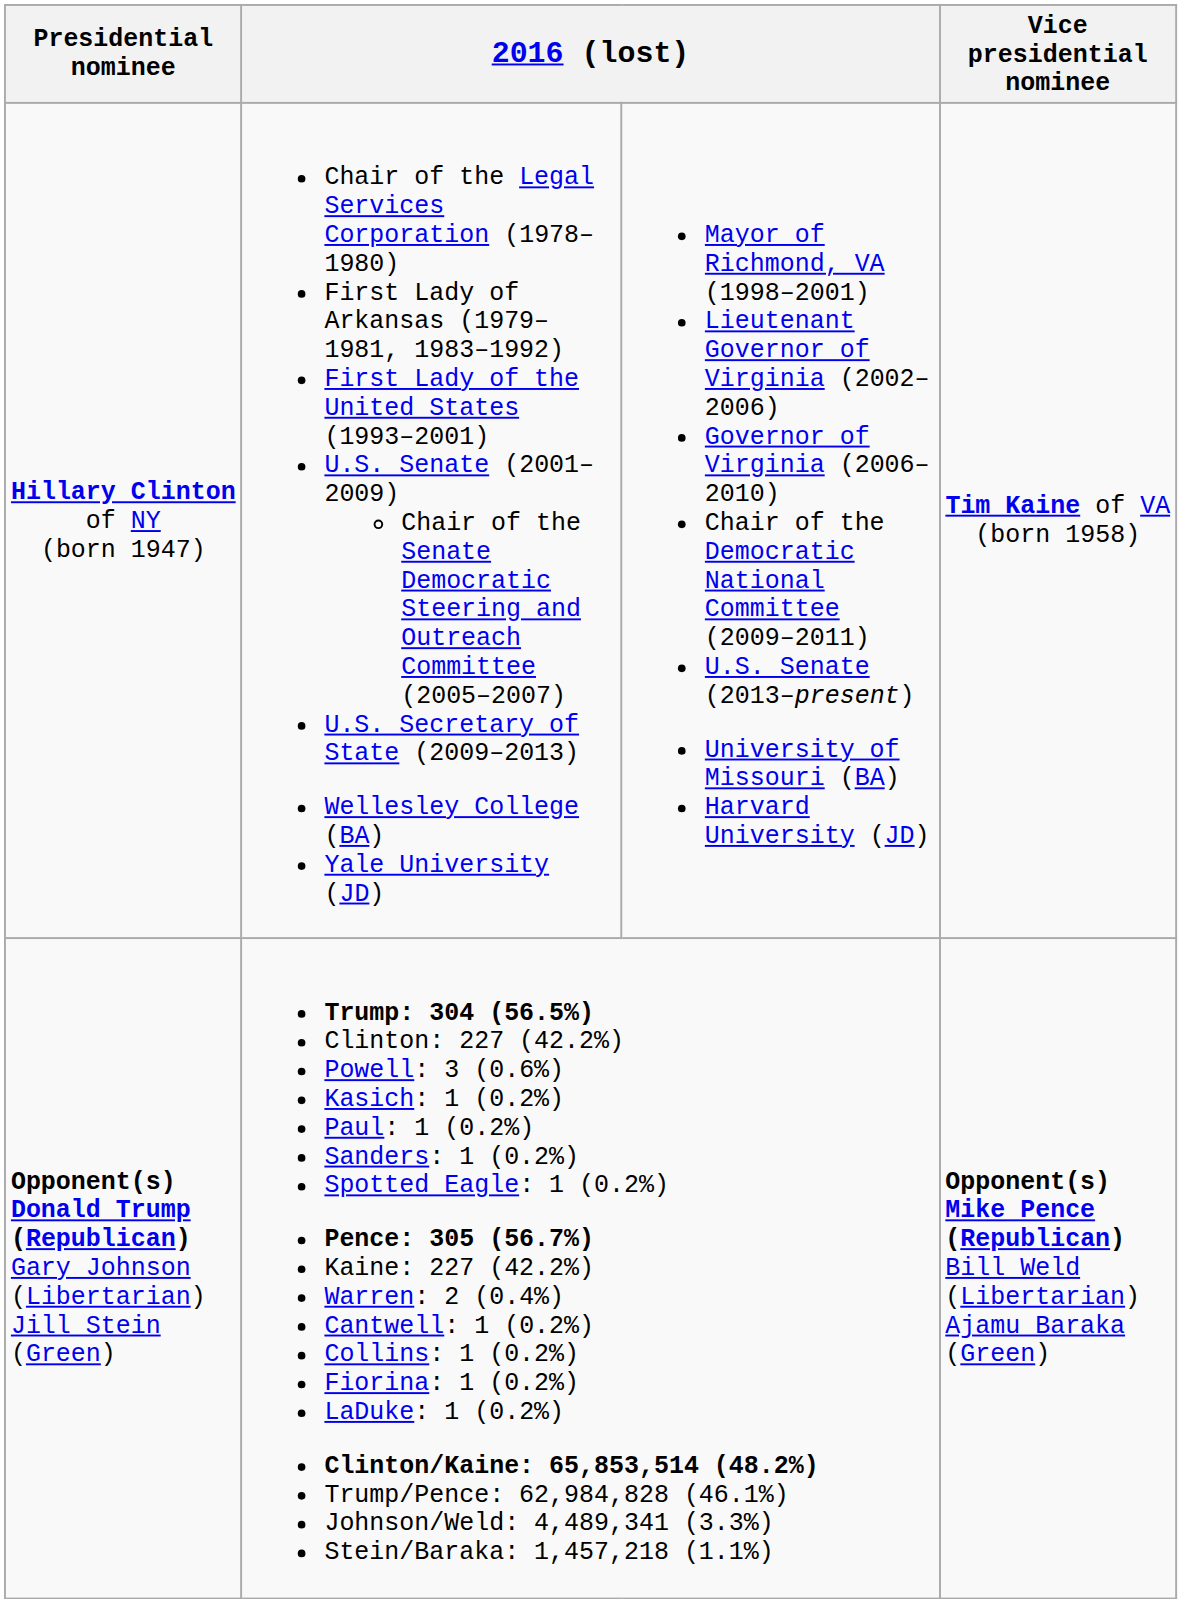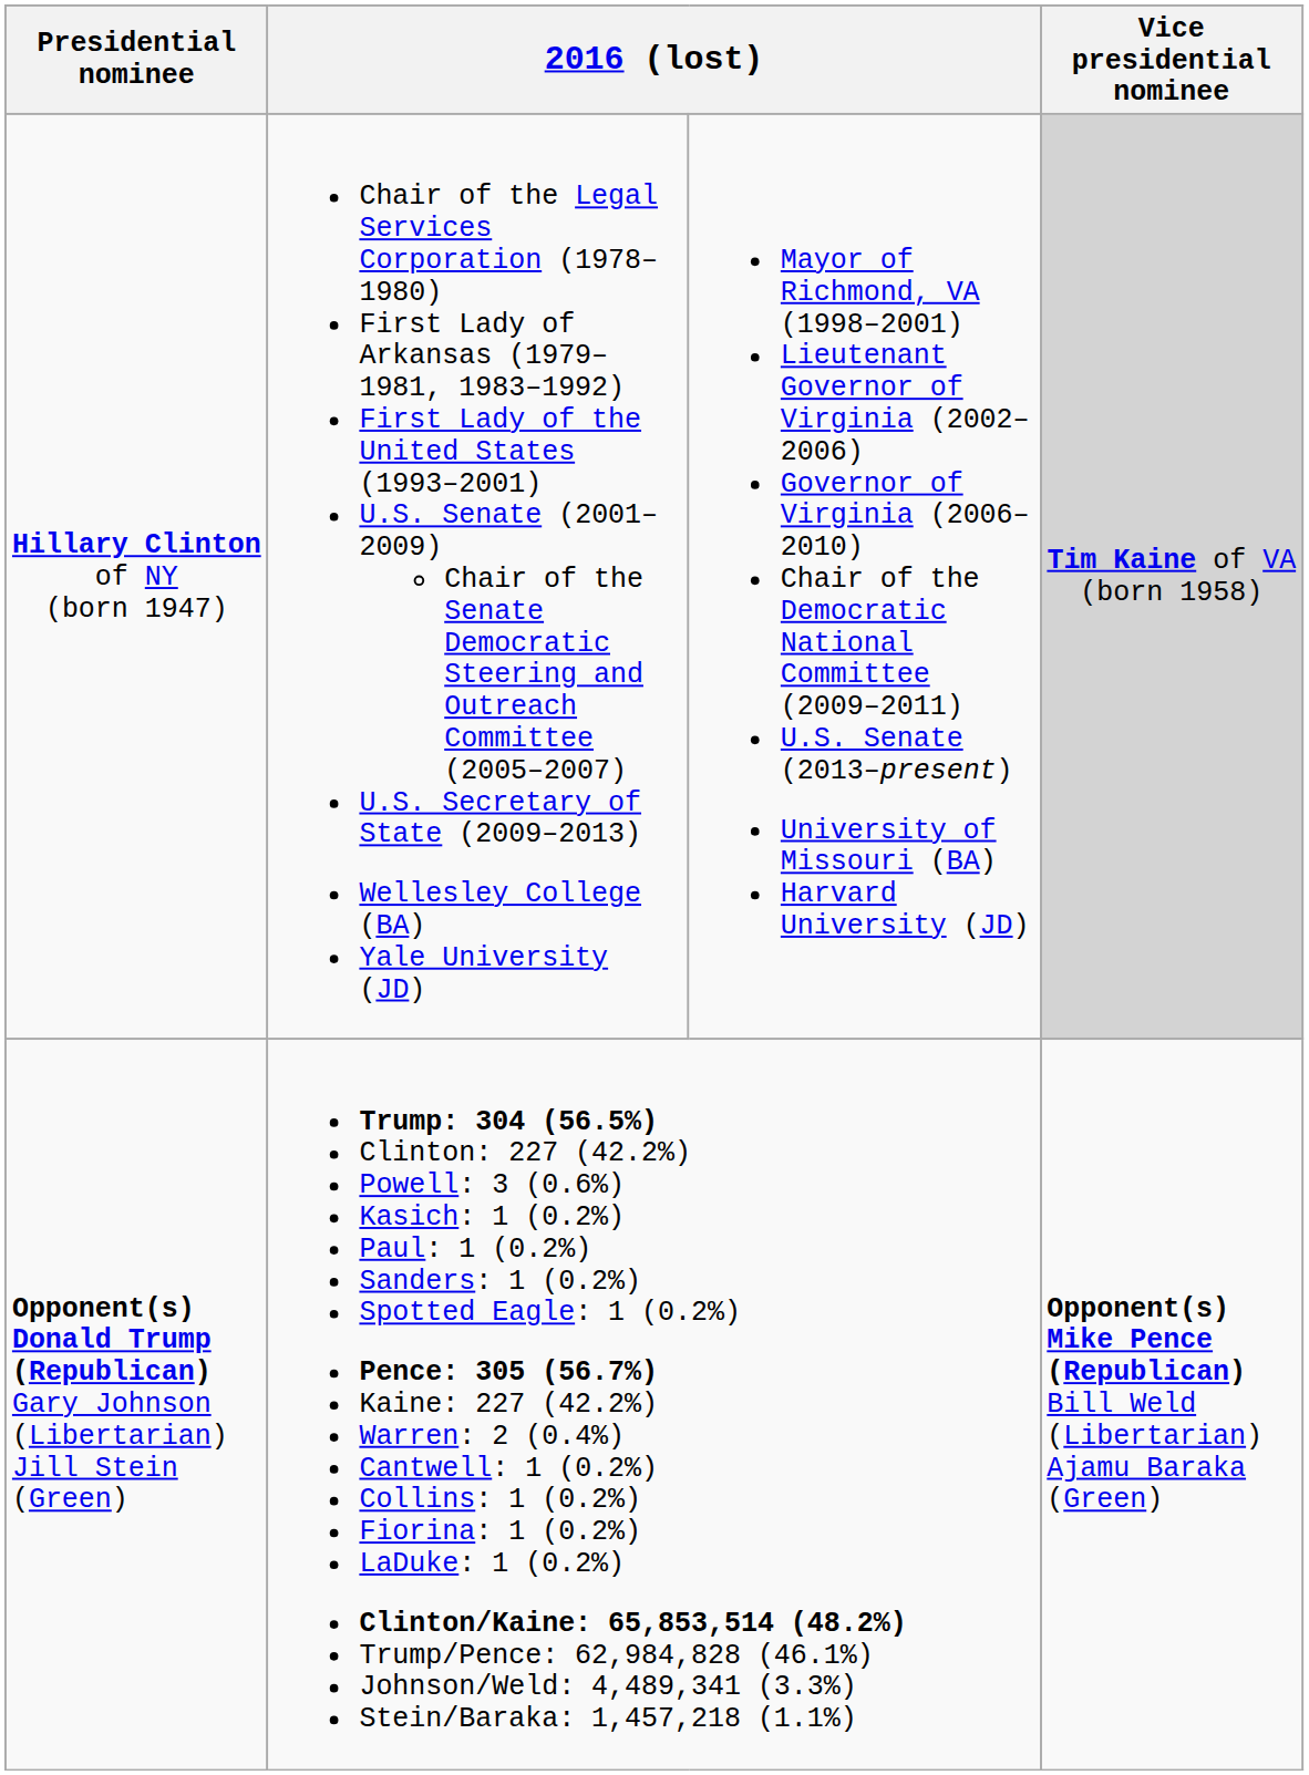 <table class="wikitable">
 <tr>
 <th width=190>Presidential<br>nominee</th>
 <th colspan=2><big><a href='#'>2016</a> (lost)</big></th>
 <th width=190>Vice presidential<br>nominee</th>
 </tr>
 <tr>
 <td style="text-align:center;"><strong><a href='#'>Hillary Clinton</a></strong> of <a href='#'>NY</a><br>(born 1947)<br></td>
 <td width=350><br><ul><li>Chair of the <a href='#'>Legal Services Corporation</a> (1978–1980)</li><li>First Lady of Arkansas (1979–1981, 1983–1992)</li><li><a href='#'>First Lady of the United States</a> (1993–2001)</li><li><a href='#'>U.S. Senate</a> (2001–2009)<ul><li>Chair of the <a href='#'>Senate Democratic Steering and Outreach Committee</a> (2005–2007)</li></ul></li><li><a href='#'>U.S. Secretary of State</a> (2009–2013)</li></ul><ul><li><a href='#'>Wellesley College</a> (<a href='#'>BA</a>)</li><li><a href='#'>Yale University</a> (<a href='#'>JD</a>)</li></ul></td>
 <td width=350><br><ul><li><a href='#'>Mayor of Richmond, VA</a> (1998–2001)</li><li><a href='#'>Lieutenant Governor of Virginia</a> (2002–2006)</li><li><a href='#'>Governor of Virginia</a> (2006–2010)</li><li>Chair of the <a href='#'>Democratic National Committee</a> (2009–2011)</li><li><a href='#'>U.S. Senate</a> (2013–<em>present</em>)</li></ul><ul><li><a href='#'>University of Missouri</a> (<a href='#'>BA</a>)</li><li><a href='#'>Harvard University</a> (<a href='#'>JD</a>)</li></ul></td>
-<td style="text-align:center;"><strong><a href='#'>Tim Kaine</a></strong> of <a href='#'>VA</a><br>(born 1958)<br></td>
+<td style="background: lightgrey; text-align:center;"><strong><a href='#'>Tim Kaine</a></strong> of <a href='#'>VA</a><br>(born 1958)<br></td>
 </tr>
 <tr>
 <td><strong>Opponent(s)</strong><br><strong><a href='#'>Donald Trump</a> (<a href='#'>Republican</a>)</strong><br><a href='#'>Gary Johnson</a> (<a href='#'>Libertarian</a>)<br><a href='#'>Jill Stein</a> (<a href='#'>Green</a>)</td>
 <td colspan=2><br><ul><li><strong>Trump: 304 (56.5%)</strong></li><li>Clinton: 227 (42.2%)</li><li><a href='#'>Powell</a>: 3 (0.6%)</li><li><a href='#'>Kasich</a>: 1 (0.2%)</li><li><a href='#'>Paul</a>: 1 (0.2%)</li><li><a href='#'>Sanders</a>: 1 (0.2%)</li><li><a href='#'>Spotted Eagle</a>: 1 (0.2%)</li></ul><ul><li><strong>Pence: 305 (56.7%)</strong></li><li>Kaine: 227 (42.2%)</li><li><a href='#'>Warren</a>: 2 (0.4%)</li><li><a href='#'>Cantwell</a>: 1 (0.2%)</li><li><a href='#'>Collins</a>: 1 (0.2%)</li><li><a href='#'>Fiorina</a>: 1 (0.2%)</li><li><a href='#'>LaDuke</a>: 1 (0.2%)</li></ul><ul><li><strong>Clinton/Kaine: 65,853,514 (48.2%)</strong></li><li>Trump/Pence: 62,984,828 (46.1%)</li><li>Johnson/Weld: 4,489,341 (3.3%)</li><li>Stein/Baraka: 1,457,218 (1.1%)</li></ul></td>
 <td><strong>Opponent(s)</strong><br><strong><a href='#'>Mike Pence</a> (<a href='#'>Republican</a>)</strong><br><a href='#'>Bill Weld</a> (<a href='#'>Libertarian</a>)<br><a href='#'>Ajamu Baraka</a> (<a href='#'>Green</a>)</td>
 </tr>
 </table>
